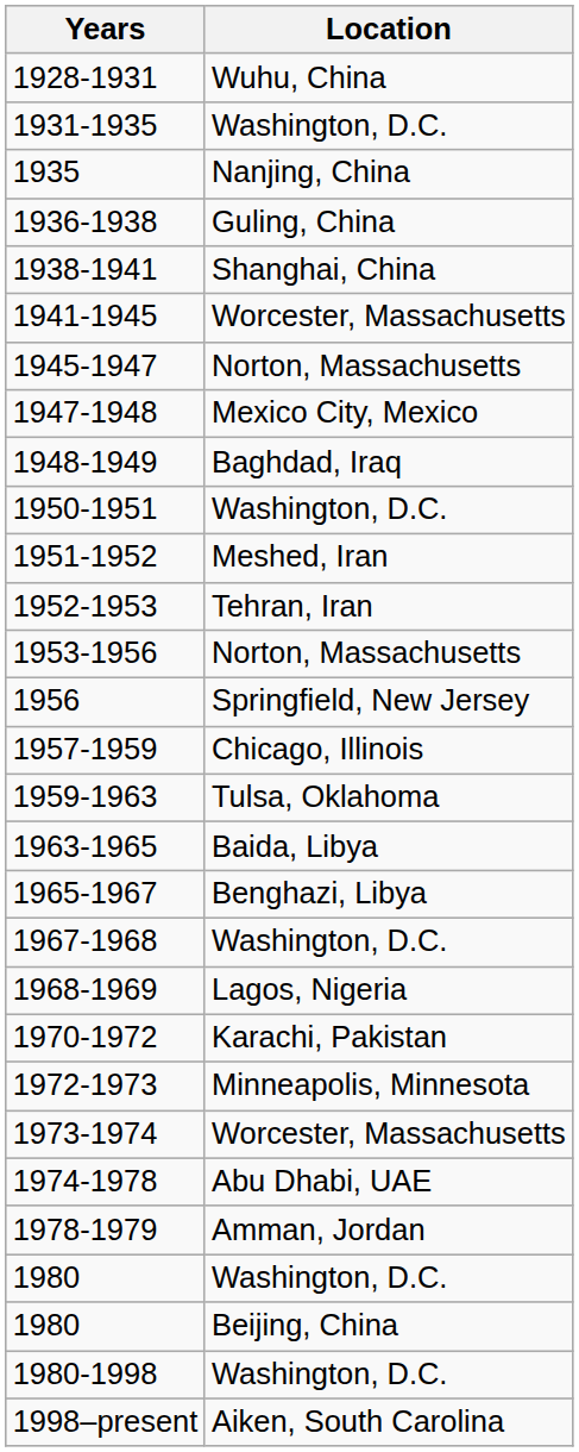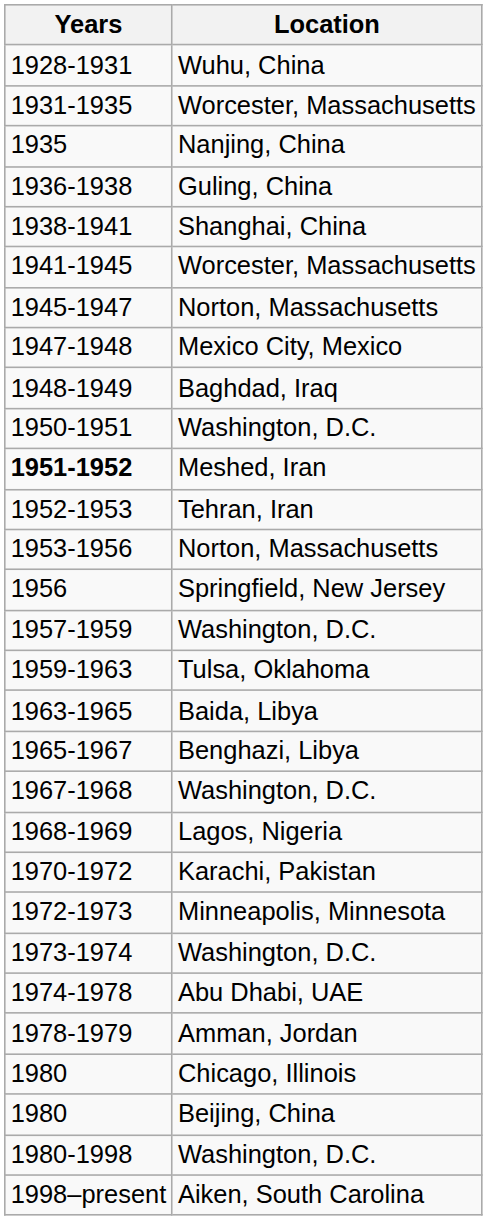 <table class="wikitable">
 <tr>
 <th>Years</th>
 <th>Location</th>
 </tr>
 <tr>
 <td>1928-1931</td>
 <td>Wuhu, China</td>
 </tr>
 <tr>
 <td>1931-1935</td>
-<td>Washington, D.C.</td>
+<td>Worcester, Massachusetts</td>
 </tr>
 <tr>
 <td>1935</td>
 <td>Nanjing, China</td>
 </tr>
 <tr>
 <td>1936-1938</td>
 <td>Guling, China</td>
 </tr>
 <tr>
 <td>1938-1941</td>
 <td>Shanghai, China</td>
 </tr>
 <tr>
 <td>1941-1945</td>
 <td>Worcester, Massachusetts</td>
 </tr>
 <tr>
 <td>1945-1947</td>
 <td>Norton, Massachusetts</td>
 </tr>
 <tr>
 <td>1947-1948</td>
 <td>Mexico City, Mexico</td>
 </tr>
 <tr>
 <td>1948-1949</td>
 <td>Baghdad, Iraq</td>
 </tr>
 <tr>
 <td>1950-1951</td>
 <td>Washington, D.C.</td>
 </tr>
 <tr>
-<td>1951-1952</td>
+<td><strong>1951-1952</strong></td>
 <td>Meshed, Iran</td>
 </tr>
 <tr>
 <td>1952-1953</td>
 <td>Tehran, Iran</td>
 </tr>
 <tr>
 <td>1953-1956</td>
 <td>Norton, Massachusetts</td>
 </tr>
 <tr>
 <td>1956</td>
 <td>Springfield, New Jersey</td>
 </tr>
 <tr>
 <td>1957-1959</td>
-<td>Chicago, Illinois</td>
+<td>Washington, D.C.</td>
 </tr>
 <tr>
 <td>1959-1963</td>
 <td>Tulsa, Oklahoma</td>
 </tr>
 <tr>
 <td>1963-1965</td>
 <td>Baida, Libya</td>
 </tr>
 <tr>
 <td>1965-1967</td>
 <td>Benghazi, Libya</td>
 </tr>
 <tr>
 <td>1967-1968</td>
 <td>Washington, D.C.</td>
 </tr>
 <tr>
 <td>1968-1969</td>
 <td>Lagos, Nigeria</td>
 </tr>
 <tr>
 <td>1970-1972</td>
 <td>Karachi, Pakistan</td>
 </tr>
 <tr>
 <td>1972-1973</td>
 <td>Minneapolis, Minnesota</td>
 </tr>
 <tr>
 <td>1973-1974</td>
-<td>Worcester, Massachusetts</td>
+<td>Washington, D.C.</td>
 </tr>
 <tr>
 <td>1974-1978</td>
 <td>Abu Dhabi, UAE</td>
 </tr>
 <tr>
 <td>1978-1979</td>
 <td>Amman, Jordan</td>
 </tr>
 <tr>
 <td>1980</td>
-<td>Washington, D.C.</td>
+<td>Chicago, Illinois</td>
 </tr>
 <tr>
 <td>1980</td>
 <td>Beijing, China</td>
 </tr>
 <tr>
 <td>1980-1998</td>
 <td>Washington, D.C.</td>
 </tr>
 <tr>
 <td>1998–present</td>
 <td>Aiken, South Carolina</td>
 </tr>
 </table>
